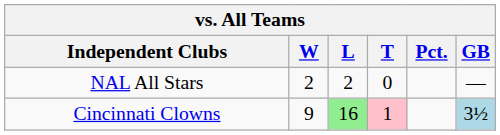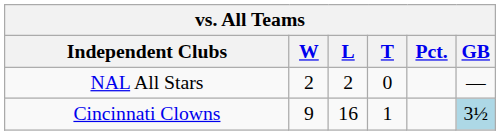 <table class="wikitable" width="400em" style="text-align:center;">
 <tr>
 <th colspan="6">vs. All Teams</th>
 </tr>
 <tr>
 <th width="58%">Independent Clubs</th>
 <th width="8%"><a href='#'>W</a></th>
 <th width="8%"><a href='#'>L</a></th>
 <th width="8%"><a href='#'>T</a></th>
 <th width="10%"><a href='#'>Pct.</a></th>
 <th width="8%"><a href='#'>GB</a></th>
 </tr>
 <tr>
 <td><a href='#'>NAL</a> All Stars</td>
 <td>2</td>
 <td>2</td>
 <td>0</td>
 <td></td>
 <td>—</td>
 </tr>
 <tr>
 <td><a href='#'>Cincinnati Clowns</a></td>
 <td>9</td>
-<td style="background: lightgreen;">16</td>
-<td style="background: pink;">1</td>
+<td>16</td>
+<td>1</td>
 <td></td>
 <td style="background: lightblue;">3½</td>
 </tr>
 </table>
